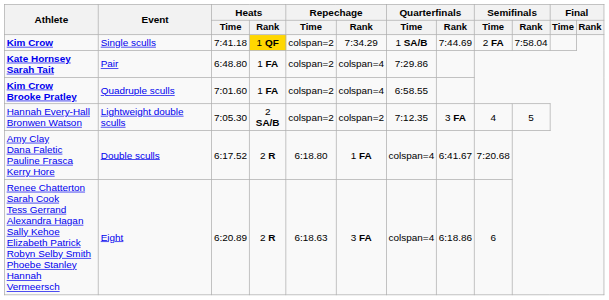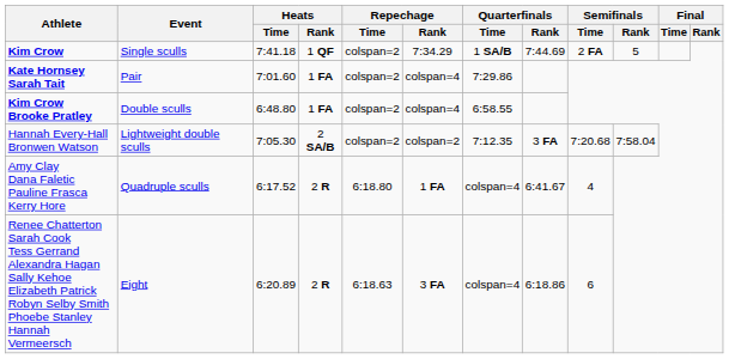 <table class="wikitable" style="font-size:90%">
 <tr>
 <th rowspan="2">Athlete</th>
 <th rowspan="2">Event</th>
 <th colspan="2">Heats</th>
 <th colspan="2">Repechage</th>
 <th colspan=2>Quarterfinals</th>
 <th colspan="2">Semifinals</th>
 <th colspan="2">Final</th>
 </tr>
 <tr style="font-size:95%">
 <th>Time</th>
 <th>Rank</th>
 <th>Time</th>
 <th>Rank</th>
 <th>Time</th>
 <th>Rank</th>
 <th>Time</th>
 <th>Rank</th>
 <th>Time</th>
 <th>Rank</th>
 </tr>
 <tr align=center>
 <td align=left><strong><a href='#'>Kim Crow</a></strong></td>
 <td align=left><a href='#'>Single sculls</a></td>
 <td>7:41.18</td>
-<td style="background: gold;">1 <strong>QF</strong></td>
+<td>1 <strong>QF</strong></td>
 <td>colspan=2 </td>
 <td>7:34.29</td>
 <td>1 <strong>SA/B</strong></td>
 <td>7:44.69</td>
 <td>2 <strong>FA</strong></td>
-<td>7:58.04</td>
+<td>5</td>
 <td></td>
 </tr>
 <tr align=center>
 <td align=left><strong><a href='#'>Kate Hornsey</a> <br> <a href='#'>Sarah Tait</a></strong></td>
 <td align=left><a href='#'>Pair</a></td>
-<td>6:48.80</td>
+<td>7:01.60</td>
 <td>1 <strong>FA</strong></td>
 <td>colspan=2 </td>
 <td>colspan=4 </td>
 <td>7:29.86</td>
 <td></td>
 </tr>
 <tr align=center>
 <td align=left><strong><a href='#'>Kim Crow</a><br> <a href='#'>Brooke Pratley</a></strong></td>
-<td align=left><a href='#'>Quadruple sculls</a></td>
-<td>7:01.60</td>
+<td align=left><a href='#'>Double sculls</a></td>
+<td>6:48.80</td>
 <td>1 <strong>FA</strong></td>
 <td>colspan=2 </td>
 <td>colspan=4 </td>
 <td>6:58.55</td>
 <td></td>
 </tr>
 <tr align=center>
 <td align=left><a href='#'>Hannah Every-Hall</a> <br> <a href='#'>Bronwen Watson</a></td>
 <td align=left><a href='#'>Lightweight double sculls</a></td>
 <td>7:05.30</td>
 <td>2 <strong>SA/B</strong></td>
 <td>colspan=2 </td>
 <td>colspan=2 </td>
 <td>7:12.35</td>
 <td>3 <strong>FA</strong></td>
-<td>4</td>
-<td>5</td>
+<td>7:20.68</td>
+<td>7:58.04</td>
 </tr>
 <tr align=center>
 <td align=left><a href='#'>Amy Clay</a> <br> <a href='#'>Dana Faletic</a> <br> <a href='#'>Pauline Frasca</a> <br> <a href='#'>Kerry Hore</a></td>
-<td align=left><a href='#'>Double sculls</a></td>
+<td align=left><a href='#'>Quadruple sculls</a></td>
 <td>6:17.52</td>
 <td>2 <strong>R</strong></td>
 <td>6:18.80</td>
 <td>1 <strong>FA</strong></td>
 <td>colspan=4 </td>
 <td>6:41.67</td>
-<td>7:20.68</td>
+<td>4</td>
 </tr>
 <tr align=center>
 <td align=left><a href='#'>Renee Chatterton</a> <br> <a href='#'>Sarah Cook</a> <br> <a href='#'>Tess Gerrand</a> <br> <a href='#'>Alexandra Hagan</a>  <br> <a href='#'>Sally Kehoe</a> <br> <a href='#'>Elizabeth Patrick</a> <br> <a href='#'>Robyn Selby Smith</a> <br> <a href='#'>Phoebe Stanley</a> <br> <a href='#'>Hannah Vermeersch</a></td>
 <td align=left><a href='#'>Eight</a></td>
 <td>6:20.89</td>
 <td>2 <strong>R</strong></td>
 <td>6:18.63</td>
 <td>3 <strong>FA</strong></td>
 <td>colspan=4 </td>
 <td>6:18.86</td>
 <td>6</td>
 </tr>
 </table>
